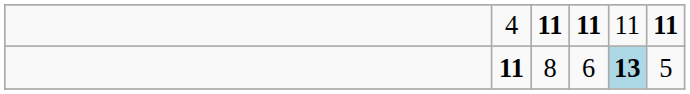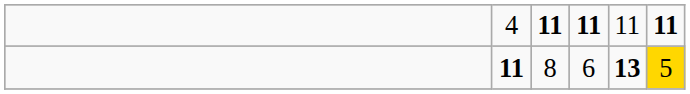 <table class="wikitable">
 <tr>
 <td style="width:18em"></td>
 <td align=center style="width:1em">4</td>
 <td align=center style="width:1em"><strong>11</strong></td>
 <td align=center style="width:1em"><strong>11</strong></td>
 <td align=center style="width:1em">11</td>
 <td align=center style="width:1em"><strong>11</strong></td>
 </tr>
 <tr>
 <td style="width:18em"></td>
 <td align=center style="width:1em"><strong>11</strong></td>
 <td align=center style="width:1em">8</td>
 <td align=center style="width:1em">6</td>
-<td align=center style="background: lightblue; width:1em"><strong>13</strong></td>
-<td align=center style="width:1em">5</td>
+<td align=center style="width:1em"><strong>13</strong></td>
+<td align=center style="background: gold; width:1em">5</td>
 </tr>
 </table>
